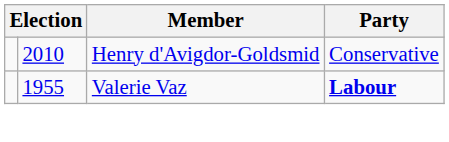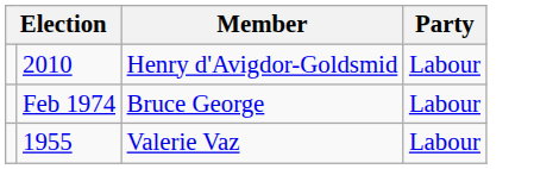 <table class="wikitable">
 <tr>
 <th colspan="2">Election</th>
 <th>Member</th>
 <th>Party</th>
 </tr>
 <tr>
 <td style="color:inherit;background-color: "></td>
 <td><a href='#'>2010</a></td>
 <td><a href='#'>Henry d'Avigdor-Goldsmid</a></td>
-<td><a href='#'>Conservative</a></td>
+<td><a href='#'>Labour</a></td>
+</tr>
+<tr>
+<td style="color:inherit;background-color: "></td>
+<td><a href='#'>Feb 1974</a></td>
+<td><a href='#'>Bruce George</a></td>
+<td><a href='#'>Labour</a></td>
 </tr>
 <tr>
 <td style="color:inherit;background-color: "></td>
 <td><a href='#'>1955</a></td>
 <td><a href='#'>Valerie Vaz</a></td>
-<td><strong><a href='#'>Labour</a></strong></td>
+<td><a href='#'>Labour</a></td>
 </tr>
 </table>
